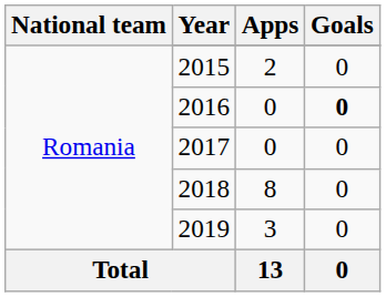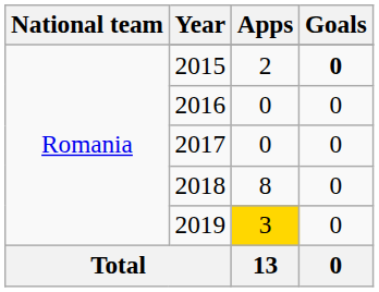 <table class="wikitable" style="text-align: center;">
 <tr>
 <th>National team</th>
 <th>Year</th>
 <th>Apps</th>
 <th>Goals</th>
 </tr>
 <tr>
 <td rowspan="6"><a href='#'>Romania</a></td>
 </tr>
 <tr>
 <td>2015</td>
 <td>2</td>
-<td>0</td>
+<td><strong>0</strong></td>
 </tr>
 <tr>
 <td>2016</td>
 <td>0</td>
-<td><strong>0</strong></td>
+<td>0</td>
 </tr>
 <tr>
 <td>2017</td>
 <td>0</td>
 <td>0</td>
 </tr>
 <tr>
 <td>2018</td>
 <td>8</td>
 <td>0</td>
 </tr>
 <tr>
 <td>2019</td>
-<td>3</td>
+<td style="background: gold;">3</td>
 <td>0</td>
 </tr>
 <tr>
 <th colspan=2>Total</th>
 <th>13</th>
 <th>0</th>
 </tr>
 </table>
